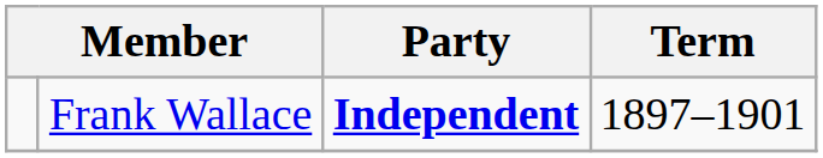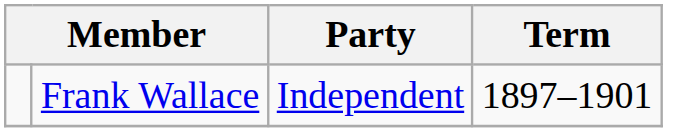 <table class="wikitable">
 <tr>
 <th colspan="2">Member</th>
 <th>Party</th>
 <th>Term</th>
 </tr>
 <tr>
 <td> </td>
 <td><a href='#'>Frank Wallace</a></td>
-<td><strong><a href='#'>Independent</a></strong></td>
+<td><a href='#'>Independent</a></td>
 <td>1897–1901</td>
 </tr>
 <tr>
 </tr>
 </table>
